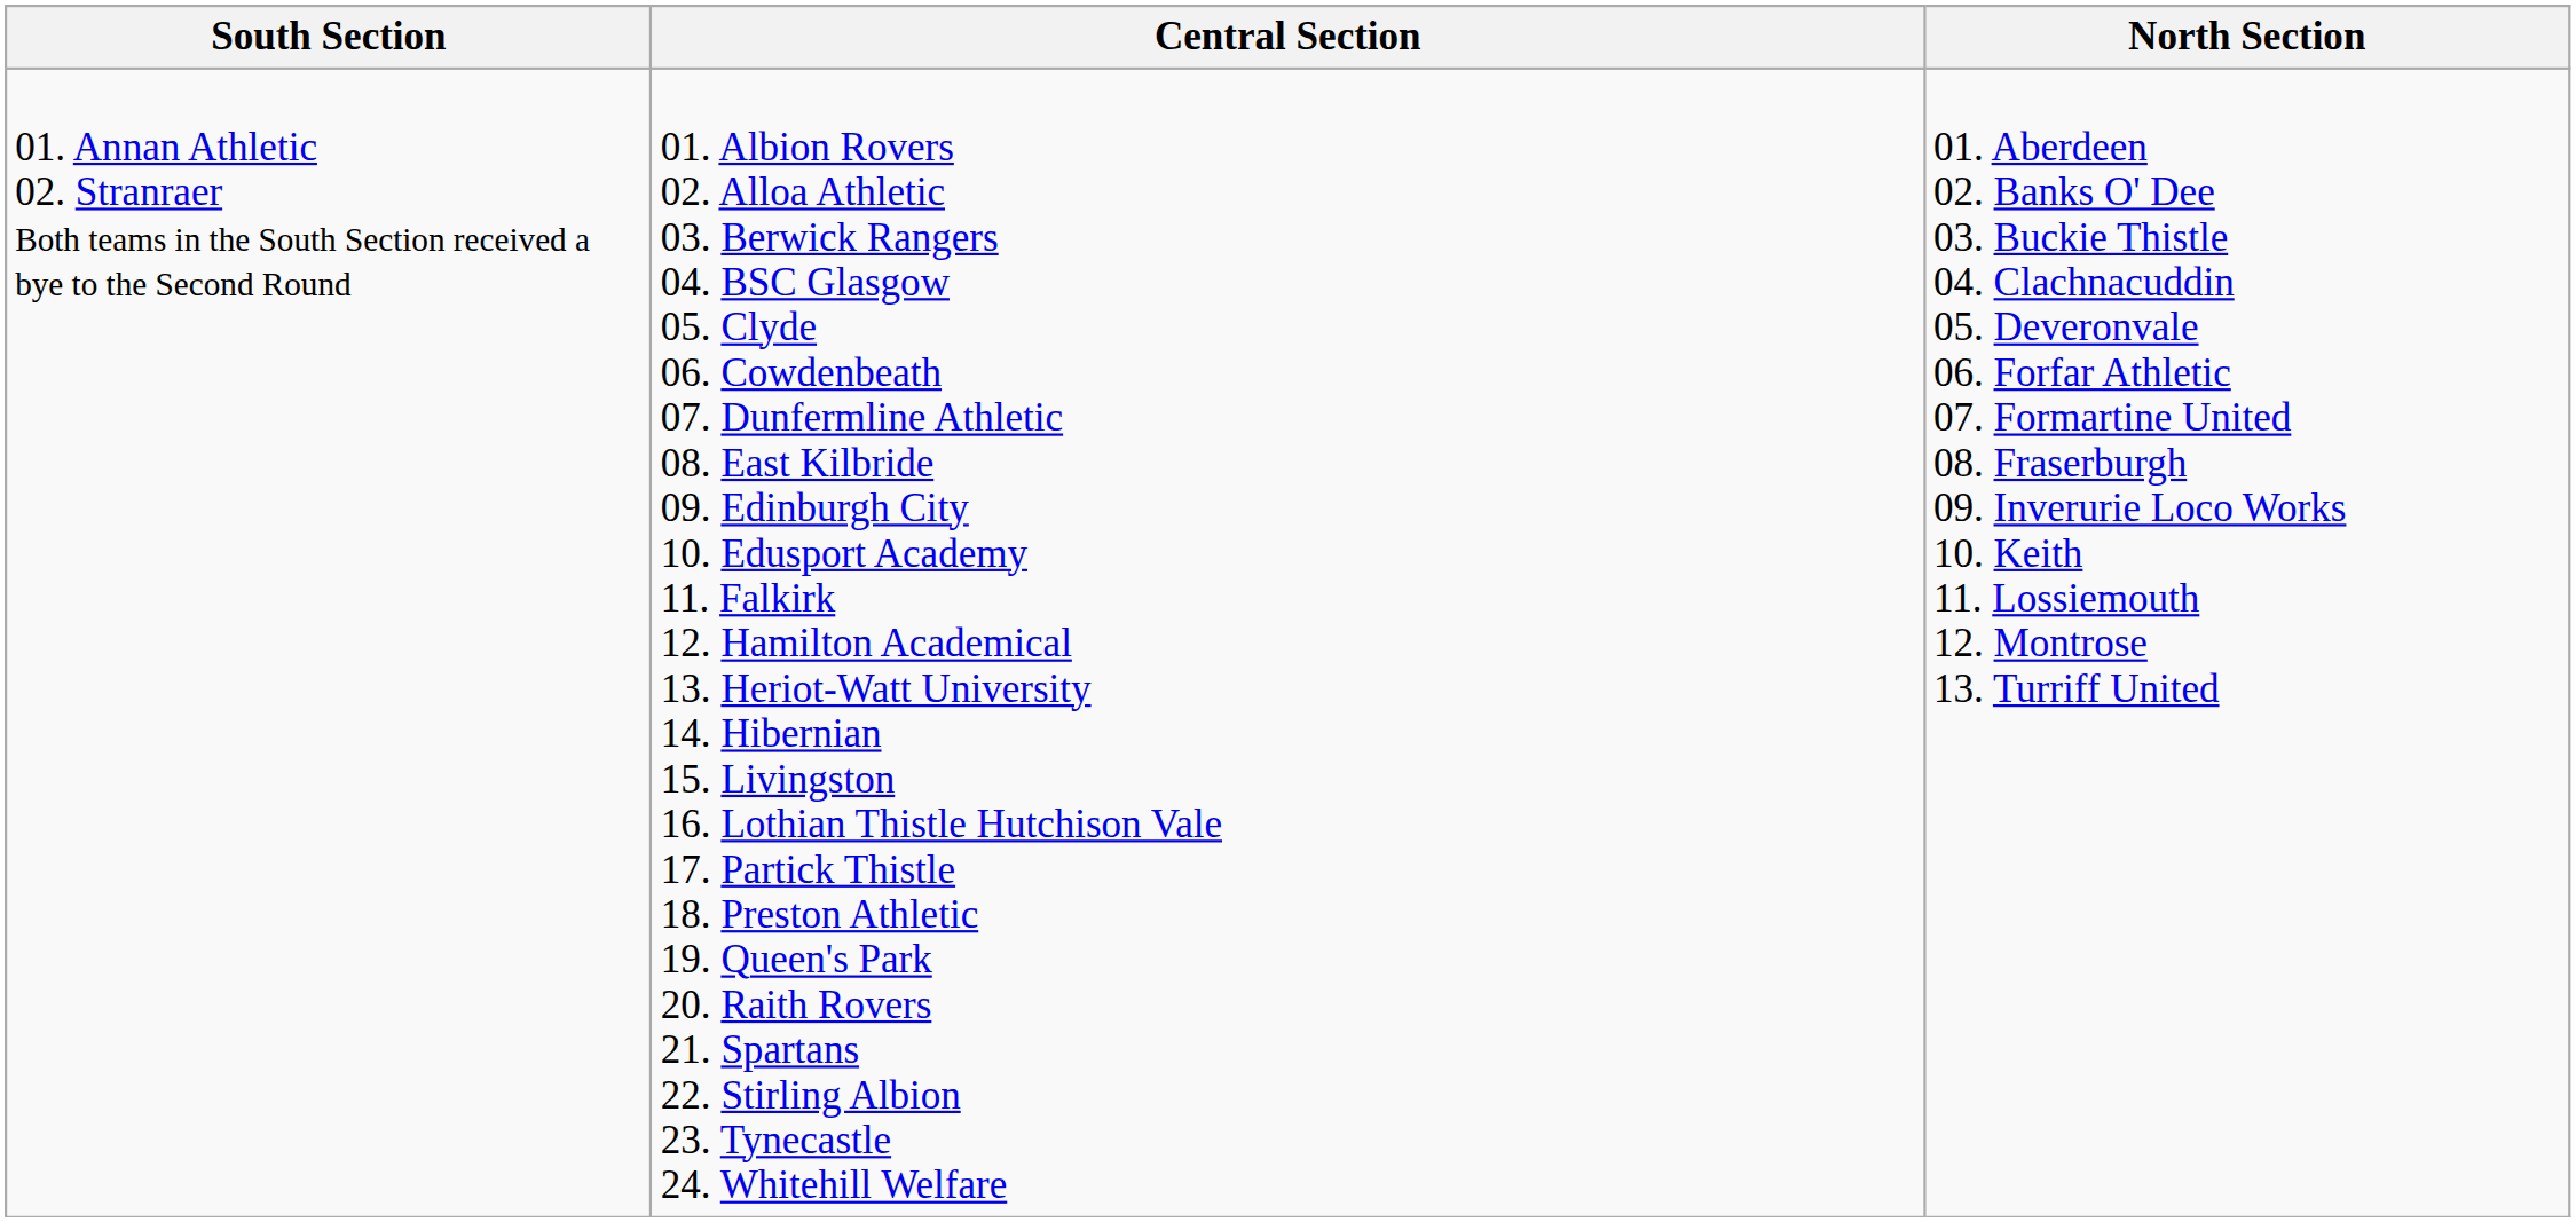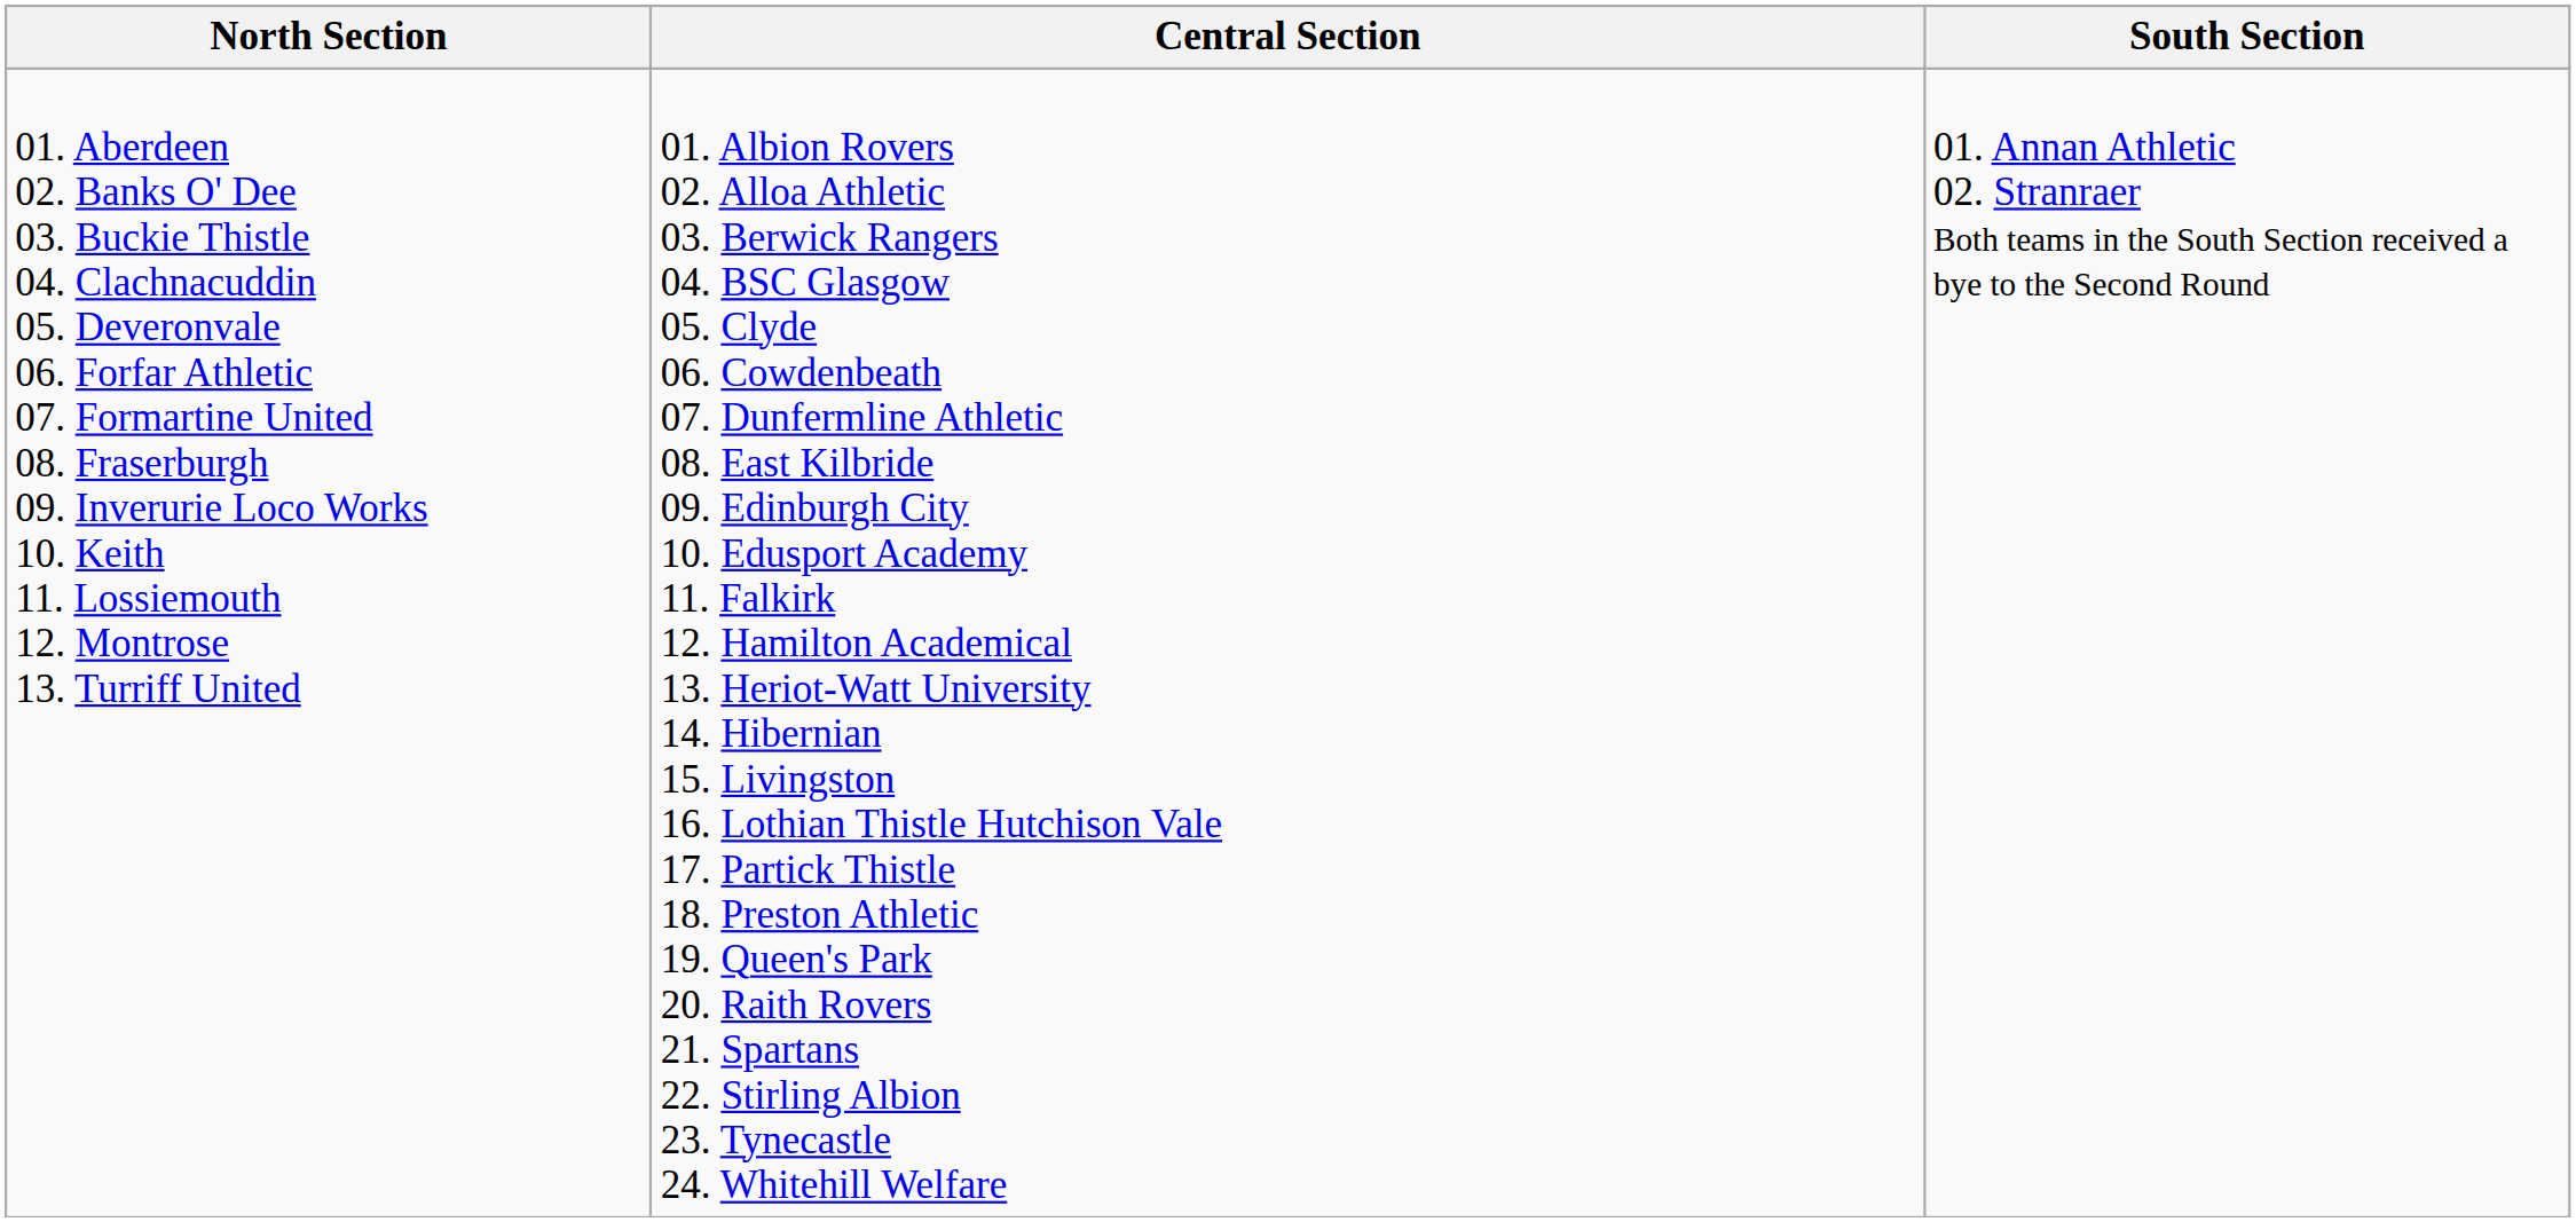 <table class="wikitable">
 <tr>
+<th style="width:250px;">North Section</th>
+<th style="width:500px;">Central Section</th>
 <th style="width:250px;">South Section</th>
-<th style="width:500px;">Central Section</th>
-<th style="width:250px;">North Section</th>
 </tr>
 <tr>
+<td valign=top><br>01. <a href='#'>Aberdeen</a><br> 02. <a href='#'>Banks O' Dee</a><br> 03. <a href='#'>Buckie Thistle</a><br> 04. <a href='#'>Clachnacuddin</a><br> 05. <a href='#'>Deveronvale</a><br> 06. <a href='#'>Forfar Athletic</a><br> 07. <a href='#'>Formartine United</a><br> 08. <a href='#'>Fraserburgh</a><br> 09. <a href='#'>Inverurie Loco Works</a><br> 10. <a href='#'>Keith</a><br> 11. <a href='#'>Lossiemouth</a><br> 12. <a href='#'>Montrose</a><br> 13. <a href='#'>Turriff United</a></td>
+<td valign=top><br>  01. <a href='#'>Albion Rovers</a><br> 02. <a href='#'>Alloa Athletic</a><br> 03. <a href='#'>Berwick Rangers</a><br> 04. <a href='#'>BSC Glasgow</a><br> 05. <a href='#'>Clyde</a><br> 06. <a href='#'>Cowdenbeath</a><br> 07. <a href='#'>Dunfermline Athletic</a><br> 08. <a href='#'>East Kilbride</a><br> 09. <a href='#'>Edinburgh City</a><br> 10. <a href='#'>Edusport Academy</a><br> 11. <a href='#'>Falkirk</a><br> 12. <a href='#'>Hamilton Academical</a><br>  13. <a href='#'>Heriot-Watt University</a><br> 14. <a href='#'>Hibernian</a><br> 15. <a href='#'>Livingston</a><br> 16. <a href='#'>Lothian Thistle Hutchison Vale</a><br> 17. <a href='#'>Partick Thistle</a><br> 18. <a href='#'>Preston Athletic</a><br> 19. <a href='#'>Queen's Park</a><br> 20. <a href='#'>Raith Rovers</a><br> 21. <a href='#'>Spartans</a><br> 22. <a href='#'>Stirling Albion</a><br> 23. <a href='#'>Tynecastle</a><br> 24. <a href='#'>Whitehill Welfare</a> </td>
 <td valign=top><br>01. <a href='#'>Annan Athletic</a><br> 02. <a href='#'>Stranraer</a><br> <small>Both teams in the South Section received a bye to the Second Round</small></td>
-<td valign=top><br>  01. <a href='#'>Albion Rovers</a><br> 02. <a href='#'>Alloa Athletic</a><br> 03. <a href='#'>Berwick Rangers</a><br> 04. <a href='#'>BSC Glasgow</a><br> 05. <a href='#'>Clyde</a><br> 06. <a href='#'>Cowdenbeath</a><br> 07. <a href='#'>Dunfermline Athletic</a><br> 08. <a href='#'>East Kilbride</a><br> 09. <a href='#'>Edinburgh City</a><br> 10. <a href='#'>Edusport Academy</a><br> 11. <a href='#'>Falkirk</a><br> 12. <a href='#'>Hamilton Academical</a><br>  13. <a href='#'>Heriot-Watt University</a><br> 14. <a href='#'>Hibernian</a><br> 15. <a href='#'>Livingston</a><br> 16. <a href='#'>Lothian Thistle Hutchison Vale</a><br> 17. <a href='#'>Partick Thistle</a><br> 18. <a href='#'>Preston Athletic</a><br> 19. <a href='#'>Queen's Park</a><br> 20. <a href='#'>Raith Rovers</a><br> 21. <a href='#'>Spartans</a><br> 22. <a href='#'>Stirling Albion</a><br> 23. <a href='#'>Tynecastle</a><br> 24. <a href='#'>Whitehill Welfare</a> </td>
-<td valign=top><br>01. <a href='#'>Aberdeen</a><br> 02. <a href='#'>Banks O' Dee</a><br> 03. <a href='#'>Buckie Thistle</a><br> 04. <a href='#'>Clachnacuddin</a><br> 05. <a href='#'>Deveronvale</a><br> 06. <a href='#'>Forfar Athletic</a><br> 07. <a href='#'>Formartine United</a><br> 08. <a href='#'>Fraserburgh</a><br> 09. <a href='#'>Inverurie Loco Works</a><br> 10. <a href='#'>Keith</a><br> 11. <a href='#'>Lossiemouth</a><br> 12. <a href='#'>Montrose</a><br> 13. <a href='#'>Turriff United</a></td>
 </tr>
 </table>
